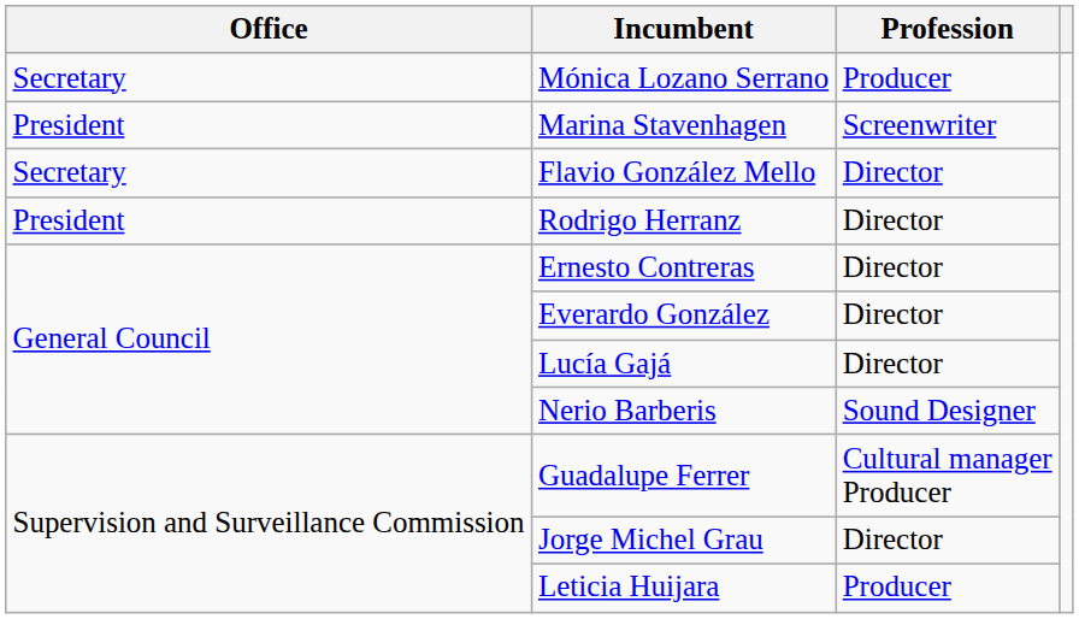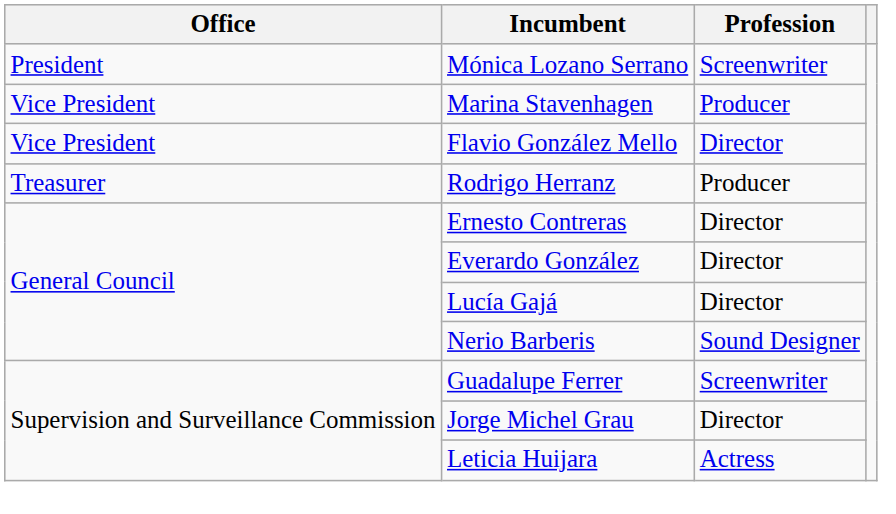 <table class="wikitable">
 <tr>
 <th>Office</th>
 <th>Incumbent</th>
 <th>Profession</th>
 <th scope="col" class="unsortable"></th>
 </tr>
 <tr>
-<td><a href='#'>Secretary</a></td>
+<td><a href='#'>President</a></td>
 <td><a href='#'>Mónica Lozano Serrano</a></td>
-<td><a href='#'>Producer</a></td>
+<td><a href='#'>Screenwriter</a></td>
 <td rowspan=11></td>
 </tr>
 <tr>
-<td><a href='#'>President</a></td>
+<td><a href='#'>Vice President</a></td>
 <td><a href='#'>Marina Stavenhagen</a></td>
-<td><a href='#'>Screenwriter</a></td>
+<td><a href='#'>Producer</a></td>
 </tr>
 <tr>
-<td><a href='#'>Secretary</a></td>
+<td><a href='#'>Vice President</a></td>
 <td><a href='#'>Flavio González Mello</a></td>
 <td><a href='#'>Director</a></td>
 </tr>
 <tr>
-<td><a href='#'>President</a></td>
+<td><a href='#'>Treasurer</a></td>
 <td><a href='#'>Rodrigo Herranz</a></td>
-<td>Director</td>
+<td>Producer</td>
 </tr>
 <tr>
 <td rowspan=4><a href='#'>General Council</a></td>
 <td><a href='#'>Ernesto Contreras</a></td>
 <td>Director</td>
 </tr>
 <tr>
 <td><a href='#'>Everardo González</a></td>
 <td>Director</td>
 </tr>
 <tr>
 <td><a href='#'>Lucía Gajá</a></td>
 <td>Director</td>
 </tr>
 <tr>
 <td><a href='#'>Nerio Barberis</a></td>
 <td><a href='#'>Sound Designer</a></td>
 </tr>
 <tr>
 <td rowspan=3>Supervision and Surveillance Commission</td>
 <td><a href='#'>Guadalupe Ferrer</a></td>
-<td><a href='#'>Cultural manager</a><br>Producer</td>
+<td><a href='#'>Screenwriter</a></td>
 </tr>
 <tr>
 <td><a href='#'>Jorge Michel Grau</a></td>
 <td>Director</td>
 </tr>
 <tr>
 <td><a href='#'>Leticia Huijara</a></td>
-<td><a href='#'>Producer</a></td>
+<td><a href='#'>Actress</a></td>
 </tr>
 </table>
